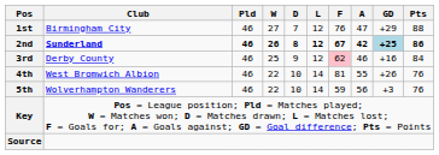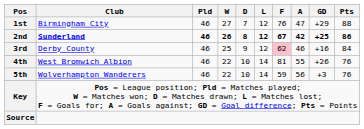 <table class="wikitable" style="text-align:center">
 <tr>
 <th scope="col">Pos</th>
 <th scope="col">Club</th>
 <th scope="col">Pld</th>
 <th scope="col">W</th>
 <th scope="col">D</th>
 <th scope="col">L</th>
 <th scope="col">F</th>
 <th scope="col">A</th>
 <th scope="col">GD</th>
 <th scope="col">Pts</th>
 </tr>
 <tr>
 <th scope="row">1st</th>
 <td align="left"><a href='#'>Birmingham City</a></td>
 <td>46</td>
 <td>27</td>
 <td>7</td>
 <td>12</td>
 <td>76</td>
 <td>47</td>
 <td>+29</td>
 <td>88</td>
 </tr>
 <tr style="font-weight:bold">
 <th scope="row">2nd</th>
 <td align="left"><a href='#'>Sunderland</a></td>
 <td>46</td>
 <td>26</td>
 <td>8</td>
 <td>12</td>
 <td>67</td>
 <td>42</td>
-<td style="background: lightblue;">+25</td>
+<td>+25</td>
 <td>86</td>
 </tr>
 <tr>
 <th scope="row">3rd</th>
 <td align="left"><a href='#'>Derby County</a></td>
 <td>46</td>
 <td>25</td>
 <td>9</td>
 <td>12</td>
 <td style="background: pink;">62</td>
 <td>46</td>
 <td>+16</td>
 <td>84</td>
 </tr>
 <tr>
 <th scope="row">4th</th>
 <td align="left"><a href='#'>West Bromwich Albion</a></td>
 <td>46</td>
 <td>22</td>
 <td>10</td>
 <td>14</td>
 <td>81</td>
 <td>55</td>
 <td>+26</td>
 <td>76</td>
 </tr>
 <tr>
 <th scope="row">5th</th>
 <td align="left"><a href='#'>Wolverhampton Wanderers</a></td>
 <td>46</td>
 <td>22</td>
 <td>10</td>
 <td>14</td>
 <td>59</td>
 <td>56</td>
 <td>+3</td>
 <td>76</td>
 </tr>
 <tr>
 <th scope="row">Key</th>
 <td colspan="9"><strong>Pos</strong> = League position; <strong>Pld</strong> = Matches played;<br><strong>W</strong> = Matches won; <strong>D</strong> = Matches drawn; <strong>L</strong> = Matches lost;<br><strong>F</strong> = Goals for; <strong>A</strong> = Goals against; <strong>GD</strong> = <a href='#'>Goal difference</a>; <strong>Pts</strong> = Points</td>
 </tr>
 <tr>
 <th scope="row">Source</th>
 <td colspan="9"></td>
 </tr>
 </table>
